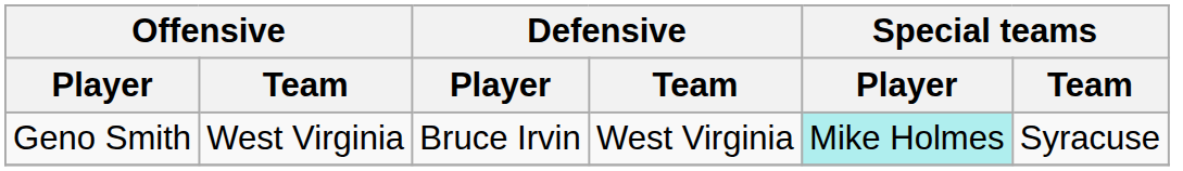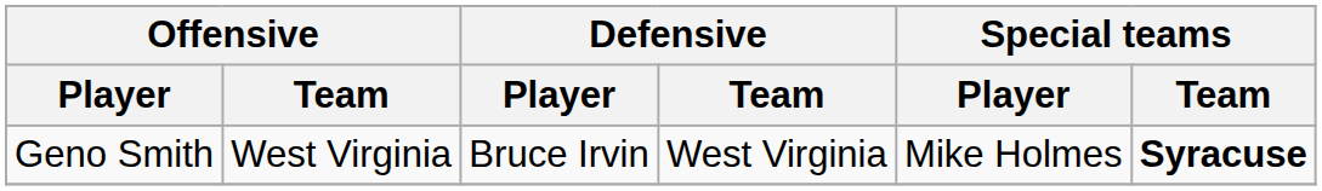 <table class="wikitable" border="1">
 <tr>
 <th colspan="2">Offensive</th>
 <th colspan="2">Defensive</th>
 <th colspan="2">Special teams</th>
 </tr>
 <tr>
 <th>Player</th>
 <th>Team</th>
 <th>Player</th>
 <th>Team</th>
 <th>Player</th>
 <th>Team</th>
 </tr>
 <tr>
 <td>Geno Smith</td>
 <td>West Virginia</td>
 <td>Bruce Irvin</td>
 <td>West Virginia</td>
-<td style="background: paleturquoise;">Mike Holmes</td>
-<td>Syracuse</td>
+<td>Mike Holmes</td>
+<td><strong>Syracuse</strong></td>
 </tr>
 <tr>
 </tr>
 </table>
